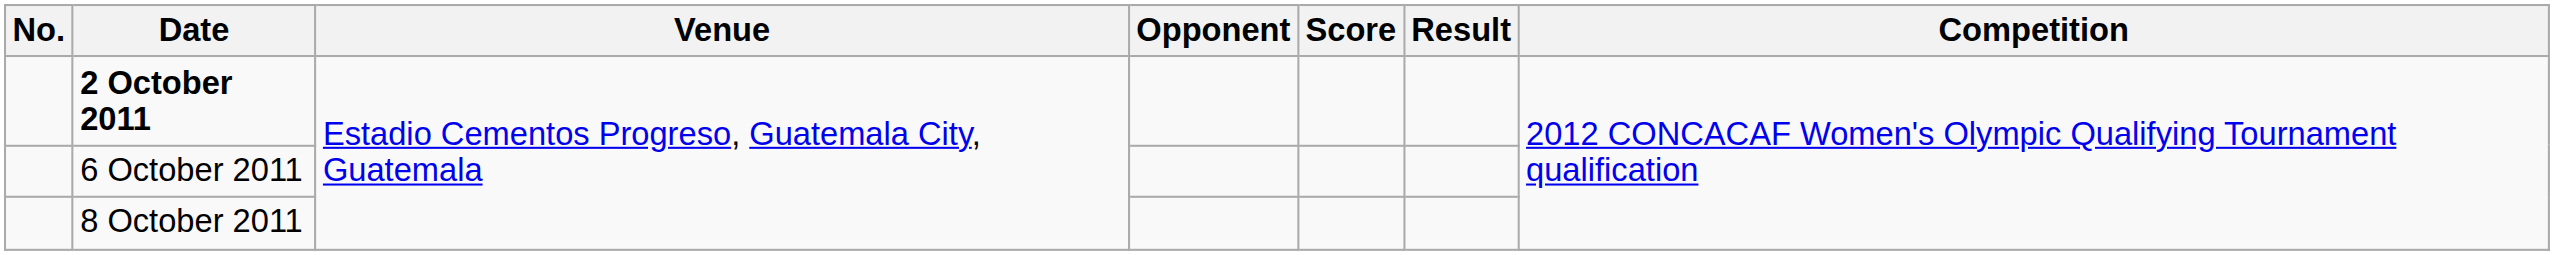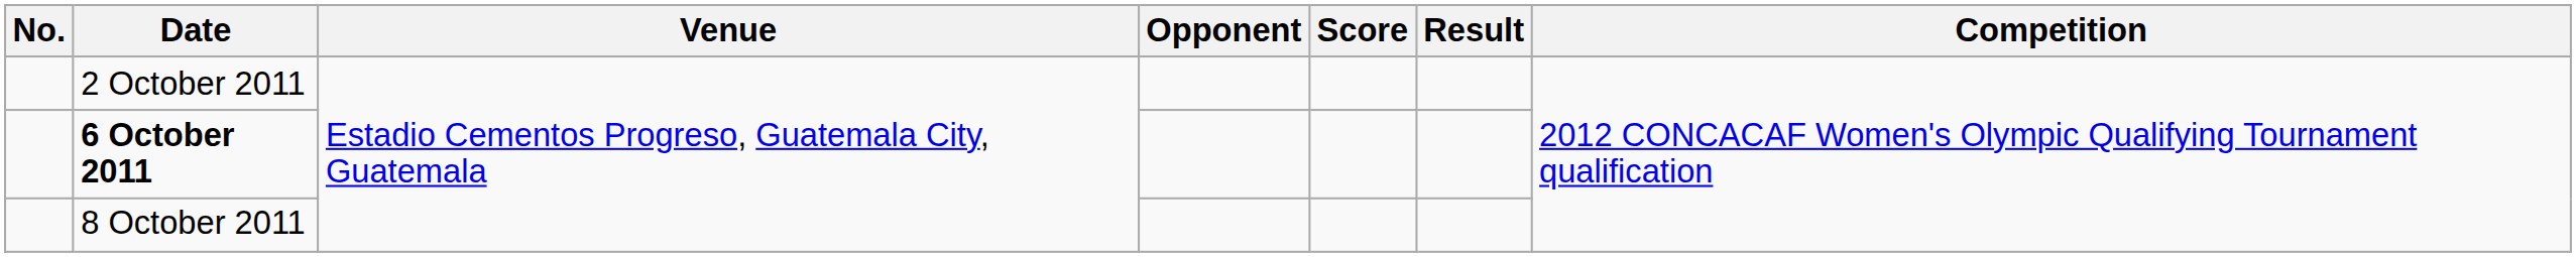 <table class="wikitable">
 <tr>
 <th>No.</th>
 <th>Date</th>
 <th>Venue</th>
 <th>Opponent</th>
 <th>Score</th>
 <th>Result</th>
 <th>Competition</th>
 </tr>
 <tr>
 <td></td>
-<td><strong>2 October 2011</strong></td>
+<td>2 October 2011</td>
 <td rowspan=3><a href='#'>Estadio Cementos Progreso</a>, <a href='#'>Guatemala City</a>, <a href='#'>Guatemala</a></td>
 <td></td>
 <td></td>
 <td></td>
 <td rowspan=3><a href='#'>2012 CONCACAF Women's Olympic Qualifying Tournament qualification</a></td>
 </tr>
 <tr>
 <td></td>
-<td>6 October 2011</td>
+<td><strong>6 October 2011</strong></td>
 <td></td>
 <td></td>
 <td></td>
 </tr>
 <tr>
 <td></td>
 <td>8 October 2011</td>
 <td></td>
 <td></td>
 <td></td>
 </tr>
 </table>
